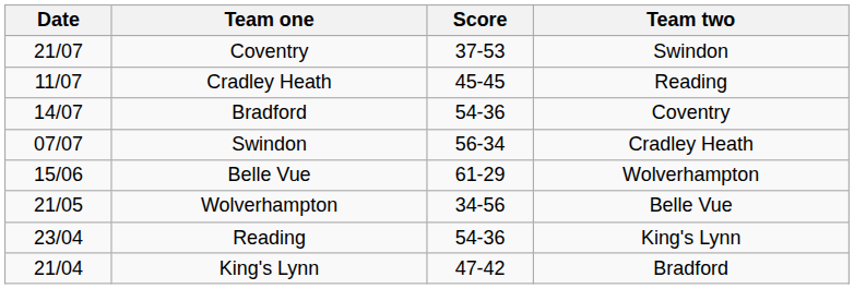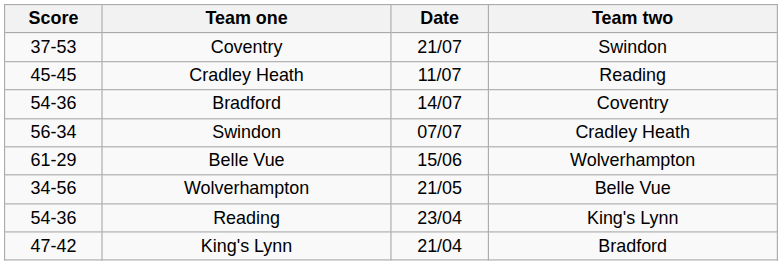 <table class="wikitable" style="text-align: center">
 <tr>
+<th width=80>Score</th>
+<th width=250>Team one</th>
 <th width=80>Date</th>
-<th width=250>Team one</th>
-<th width=80>Score</th>
 <th width=250>Team two</th>
 </tr>
 <tr>
+<td>37-53</td>
+<td>Coventry</td>
 <td>21/07</td>
-<td>Coventry</td>
-<td>37-53</td>
 <td>Swindon</td>
 </tr>
 <tr>
+<td>45-45</td>
+<td>Cradley Heath</td>
 <td>11/07</td>
-<td>Cradley Heath</td>
-<td>45-45</td>
 <td>Reading</td>
 </tr>
 <tr>
+<td>54-36</td>
+<td>Bradford</td>
 <td>14/07</td>
-<td>Bradford</td>
-<td>54-36</td>
 <td>Coventry</td>
 </tr>
 <tr>
+<td>56-34</td>
+<td>Swindon</td>
 <td>07/07</td>
-<td>Swindon</td>
-<td>56-34</td>
 <td>Cradley Heath</td>
 </tr>
 <tr>
+<td>61-29</td>
+<td>Belle Vue</td>
 <td>15/06</td>
-<td>Belle Vue</td>
-<td>61-29</td>
 <td>Wolverhampton</td>
 </tr>
 <tr>
+<td>34-56</td>
+<td>Wolverhampton</td>
 <td>21/05</td>
-<td>Wolverhampton</td>
-<td>34-56</td>
 <td>Belle Vue</td>
 </tr>
 <tr>
+<td>54-36</td>
+<td>Reading</td>
 <td>23/04</td>
-<td>Reading</td>
-<td>54-36</td>
 <td>King's Lynn</td>
 </tr>
 <tr>
+<td>47-42</td>
+<td>King's Lynn</td>
 <td>21/04</td>
-<td>King's Lynn</td>
-<td>47-42</td>
 <td>Bradford</td>
 </tr>
 </table>
